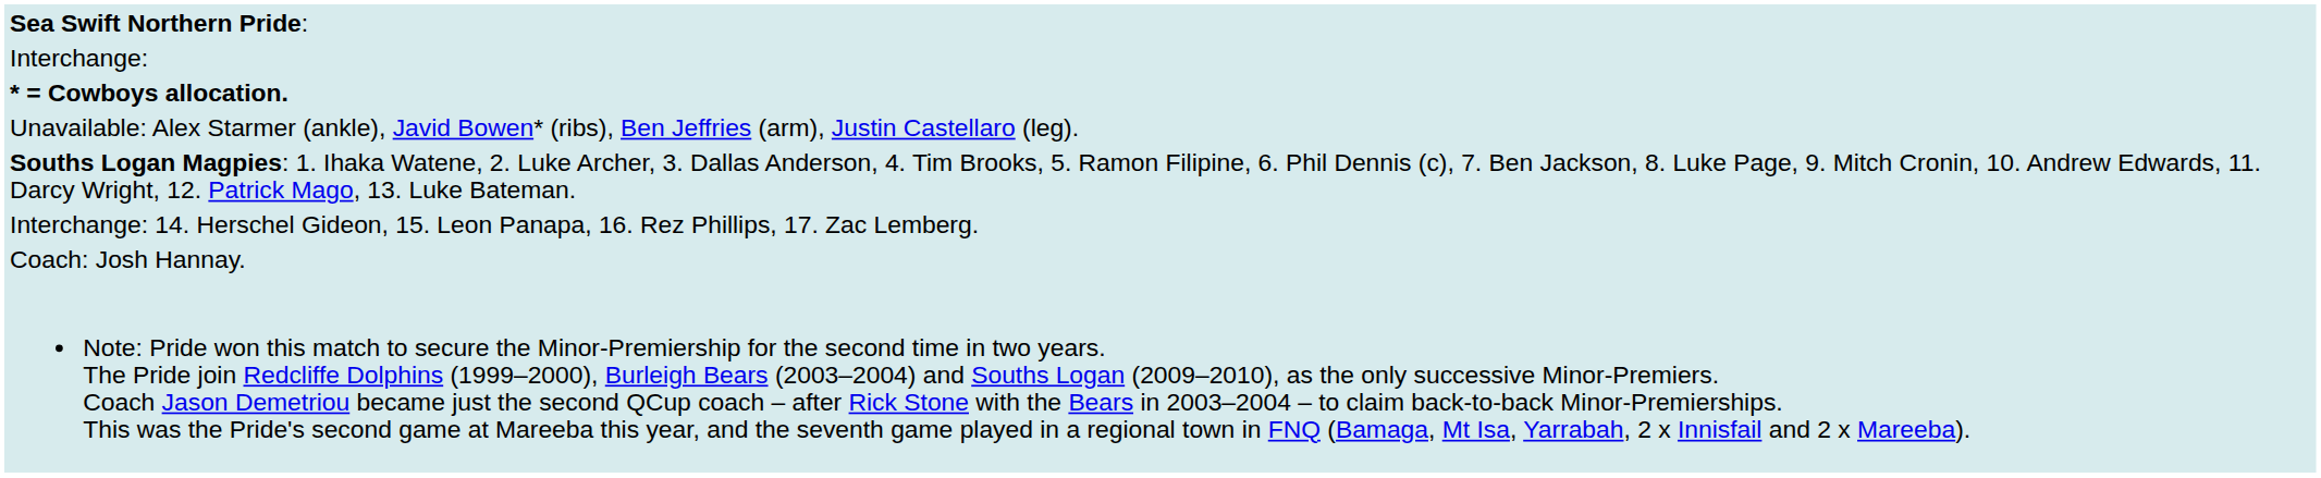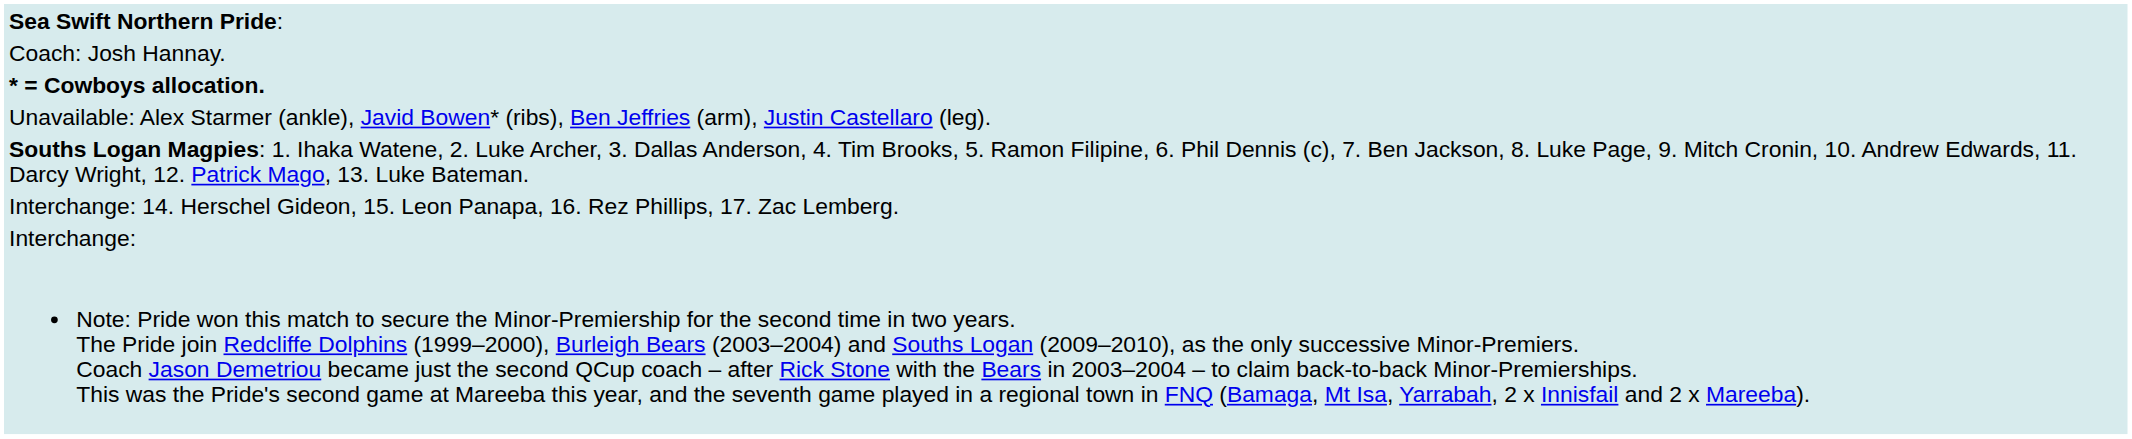 <table style="background:#d7ebed; font-size:85%; width:100%;">
 <tr>
 <td><strong>Sea Swift Northern Pride</strong>:             </td>
 </tr>
 <tr>
-<td>Interchange:    </td>
+<td>Coach: Josh Hannay.</td>
 </tr>
 <tr>
 <td><strong>* = Cowboys allocation.</strong></td>
 </tr>
 <tr>
 <td>Unavailable: Alex Starmer (ankle), <a href='#'>Javid Bowen</a>* (ribs), <a href='#'>Ben Jeffries</a> (arm), <a href='#'>Justin Castellaro</a> (leg).</td>
 </tr>
 <tr>
 <td><strong>Souths Logan Magpies</strong>: 1. Ihaka Watene, 2. Luke Archer, 3. Dallas Anderson, 4. Tim Brooks, 5. Ramon Filipine, 6. Phil Dennis (c), 7. Ben Jackson, 8. Luke Page, 9. Mitch Cronin, 10. Andrew Edwards, 11. Darcy Wright, 12. <a href='#'>Patrick Mago</a>, 13. Luke Bateman.</td>
 </tr>
 <tr>
 <td>Interchange: 14. Herschel Gideon, 15. Leon Panapa, 16. Rez Phillips, 17. Zac Lemberg.</td>
 </tr>
 <tr>
-<td>Coach: Josh Hannay.</td>
+<td>Interchange:    </td>
 </tr>
 <tr>
 <td><br><ul><li>Note: Pride won this match to secure the Minor-Premiership for the second time in two years.<br>The Pride join <a href='#'>Redcliffe Dolphins</a> (1999–2000), <a href='#'>Burleigh Bears</a> (2003–2004) and <a href='#'>Souths Logan</a> (2009–2010), as the only successive Minor-Premiers.<br>Coach <a href='#'>Jason Demetriou</a> became just the second QCup coach – after <a href='#'>Rick Stone</a> with the <a href='#'>Bears</a> in 2003–2004 – to claim back-to-back Minor-Premierships.<br>This was the Pride's second game at Mareeba this year, and the seventh game played in a regional town in <a href='#'>FNQ</a> (<a href='#'>Bamaga</a>, <a href='#'>Mt Isa</a>, <a href='#'>Yarrabah</a>, 2 x <a href='#'>Innisfail</a> and 2 x <a href='#'>Mareeba</a>).</li></ul></td>
 </tr>
 </table>
